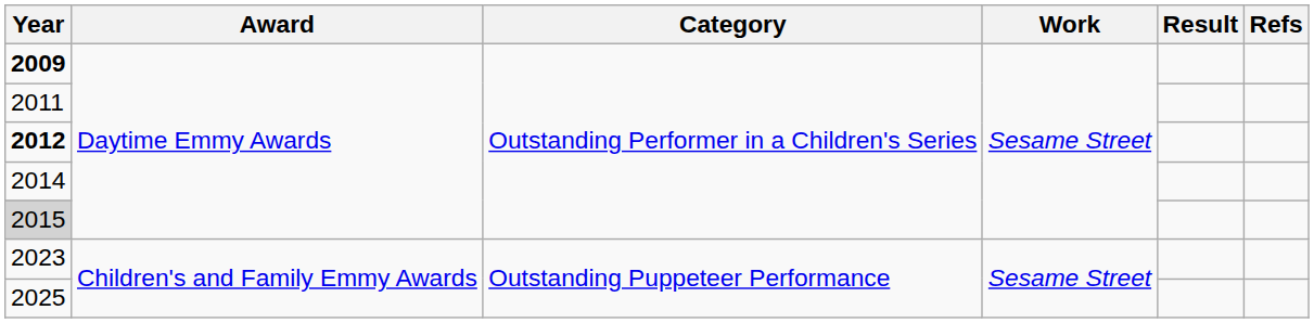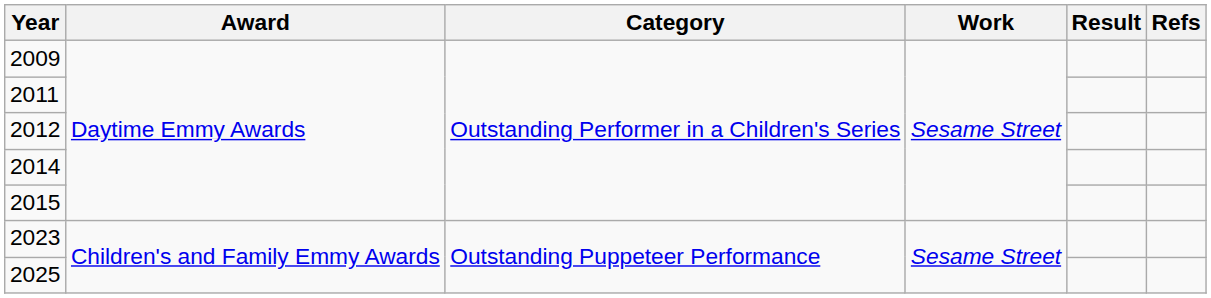 <table class="wikitable">
 <tr>
 <th>Year</th>
 <th>Award</th>
 <th>Category</th>
 <th>Work</th>
 <th>Result</th>
 <th>Refs</th>
 </tr>
 <tr>
-<td><strong>2009</strong></td>
+<td>2009</td>
 <td rowspan="5"><a href='#'>Daytime Emmy Awards</a></td>
 <td rowspan="5"><a href='#'>Outstanding Performer in a Children's Series</a></td>
 <td rowspan="5"><em><a href='#'>Sesame Street</a></em></td>
 <td></td>
 </tr>
 <tr>
 <td>2011</td>
 <td></td>
 <td></td>
 </tr>
 <tr>
-<td><strong>2012</strong></td>
+<td>2012</td>
 <td></td>
 <td></td>
 </tr>
 <tr>
 <td>2014</td>
 <td></td>
 <td></td>
 </tr>
 <tr>
-<td style="background: lightgrey;">2015</td>
+<td>2015</td>
 <td></td>
 <td></td>
 </tr>
 <tr>
 <td>2023</td>
 <td rowspan=2><a href='#'>Children's and Family Emmy Awards</a></td>
 <td rowspan=2><a href='#'>Outstanding Puppeteer Performance</a></td>
 <td rowspan=2><em><a href='#'>Sesame Street</a></em></td>
 <td></td>
 <td></td>
 </tr>
 <tr>
 <td>2025</td>
 <td></td>
 <td></td>
 </tr>
 </table>
